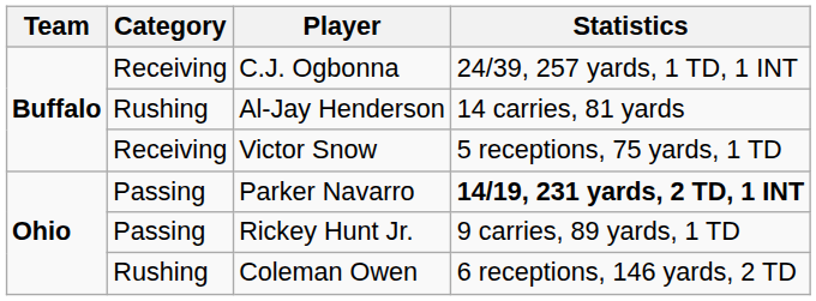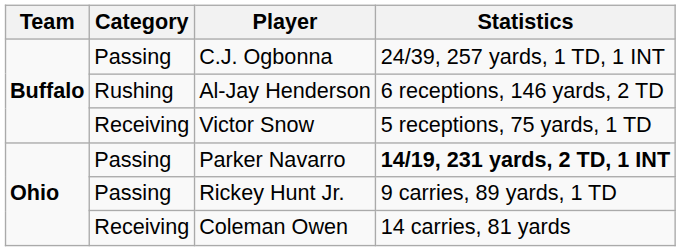 <table class="wikitable" style="float: right;">
 <tr>
 <th>Team</th>
 <th>Category</th>
 <th>Player</th>
 <th>Statistics</th>
 </tr>
 <tr>
 <td rowspan=3><strong>Buffalo</strong></td>
-<td>Receiving</td>
+<td>Passing</td>
 <td>C.J. Ogbonna</td>
 <td>24/39, 257 yards, 1 TD, 1 INT</td>
 </tr>
 <tr>
 <td>Rushing</td>
 <td>Al-Jay Henderson</td>
-<td>14 carries, 81 yards</td>
+<td>6 receptions, 146 yards, 2 TD</td>
 </tr>
 <tr>
 <td>Receiving</td>
 <td>Victor Snow</td>
 <td>5 receptions, 75 yards, 1 TD</td>
 </tr>
 <tr>
 <td rowspan=3><strong>Ohio</strong></td>
 <td>Passing</td>
 <td>Parker Navarro</td>
 <td><strong>14/19, 231 yards, 2 TD, 1 INT</strong></td>
 </tr>
 <tr>
 <td>Passing</td>
 <td>Rickey Hunt Jr.</td>
 <td>9 carries, 89 yards, 1 TD</td>
 </tr>
 <tr>
-<td>Rushing</td>
+<td>Receiving</td>
 <td>Coleman Owen</td>
-<td>6 receptions, 146 yards, 2 TD</td>
+<td>14 carries, 81 yards</td>
 </tr>
 </table>
